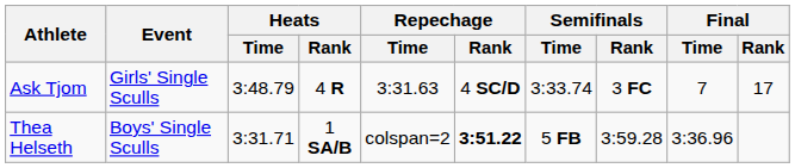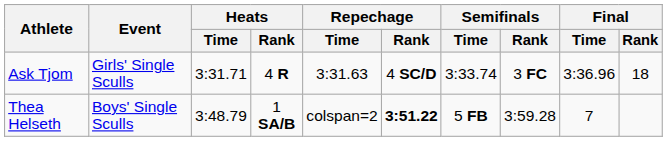 <table class="wikitable" style="font-size:90%">
 <tr>
 <th rowspan="2">Athlete</th>
 <th rowspan="2">Event</th>
 <th colspan="2">Heats</th>
 <th colspan="2">Repechage</th>
 <th colspan="2">Semifinals</th>
 <th colspan="2">Final</th>
 </tr>
 <tr style="font-size:95%">
 <th>Time</th>
 <th>Rank</th>
 <th>Time</th>
 <th>Rank</th>
 <th>Time</th>
 <th>Rank</th>
 <th>Time</th>
 <th>Rank</th>
 </tr>
 <tr align=center>
 <td align=left><a href='#'>Ask Tjom</a></td>
 <td align=left><a href='#'>Girls' Single Sculls</a></td>
-<td>3:48.79</td>
+<td>3:31.71</td>
 <td>4 <strong>R</strong></td>
 <td>3:31.63</td>
 <td>4 <strong>SC/D</strong></td>
 <td>3:33.74</td>
 <td>3 <strong>FC</strong></td>
-<td>7</td>
-<td>17</td>
+<td>3:36.96</td>
+<td>18</td>
 </tr>
 <tr align=center>
 <td align=left><a href='#'>Thea Helseth</a></td>
 <td align=left><a href='#'>Boys' Single Sculls</a></td>
-<td>3:31.71</td>
+<td>3:48.79</td>
 <td>1 <strong>SA/B</strong></td>
 <td>colspan=2 </td>
 <td><strong>3:51.22</strong></td>
 <td>5 <strong>FB</strong></td>
 <td>3:59.28</td>
-<td>3:36.96</td>
+<td>7</td>
 </tr>
 </table>
